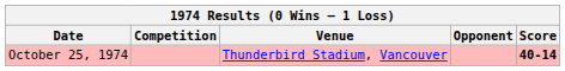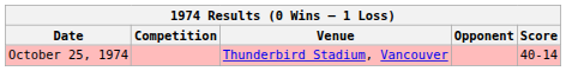 <table class="wikitable sortable">
 <tr>
 <th colspan="5"><strong>1974 Results (0 Wins – 1 Loss)</strong></th>
 </tr>
 <tr>
 <th>Date</th>
 <th>Competition</th>
 <th>Venue</th>
 <th>Opponent</th>
 <th>Score</th>
 </tr>
 <tr style="background:#fbb;">
 <td align=center>October 25, 1974</td>
 <td align=center></td>
 <td align=center><a href='#'>Thunderbird Stadium</a>, <a href='#'>Vancouver</a></td>
 <td></td>
-<td align=center><strong>40-14</strong></td>
+<td align=center>40-14</td>
 </tr>
 </table>
